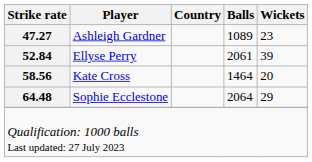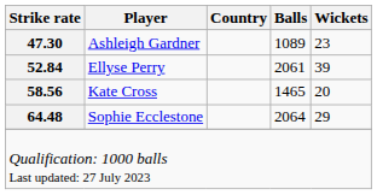 <table class="wikitable sortable">
 <tr>
 <th>Strike rate</th>
 <th>Player</th>
 <th>Country</th>
 <th>Balls</th>
 <th>Wickets</th>
 </tr>
 <tr>
-<th>47.27</th>
+<th>47.30</th>
 <td><a href='#'>Ashleigh Gardner</a></td>
 <td></td>
 <td>1089</td>
 <td>23</td>
 </tr>
 <tr>
 <th>52.84</th>
 <td><a href='#'>Ellyse Perry</a></td>
 <td></td>
 <td>2061</td>
 <td>39</td>
 </tr>
 <tr>
 <th>58.56</th>
 <td><a href='#'>Kate Cross</a></td>
 <td></td>
-<td>1464</td>
+<td>1465</td>
 <td>20</td>
 </tr>
 <tr>
 <th>64.48</th>
 <td><a href='#'>Sophie Ecclestone</a></td>
 <td></td>
 <td>2064</td>
 <td>29</td>
 </tr>
 <tr>
 </tr>
 <tr class="sortbottom">
 <td colspan=5><br><em>Qualification: 1000 balls</em><br> <small>Last updated: 27 July 2023</small></td>
 </tr>
 </table>
